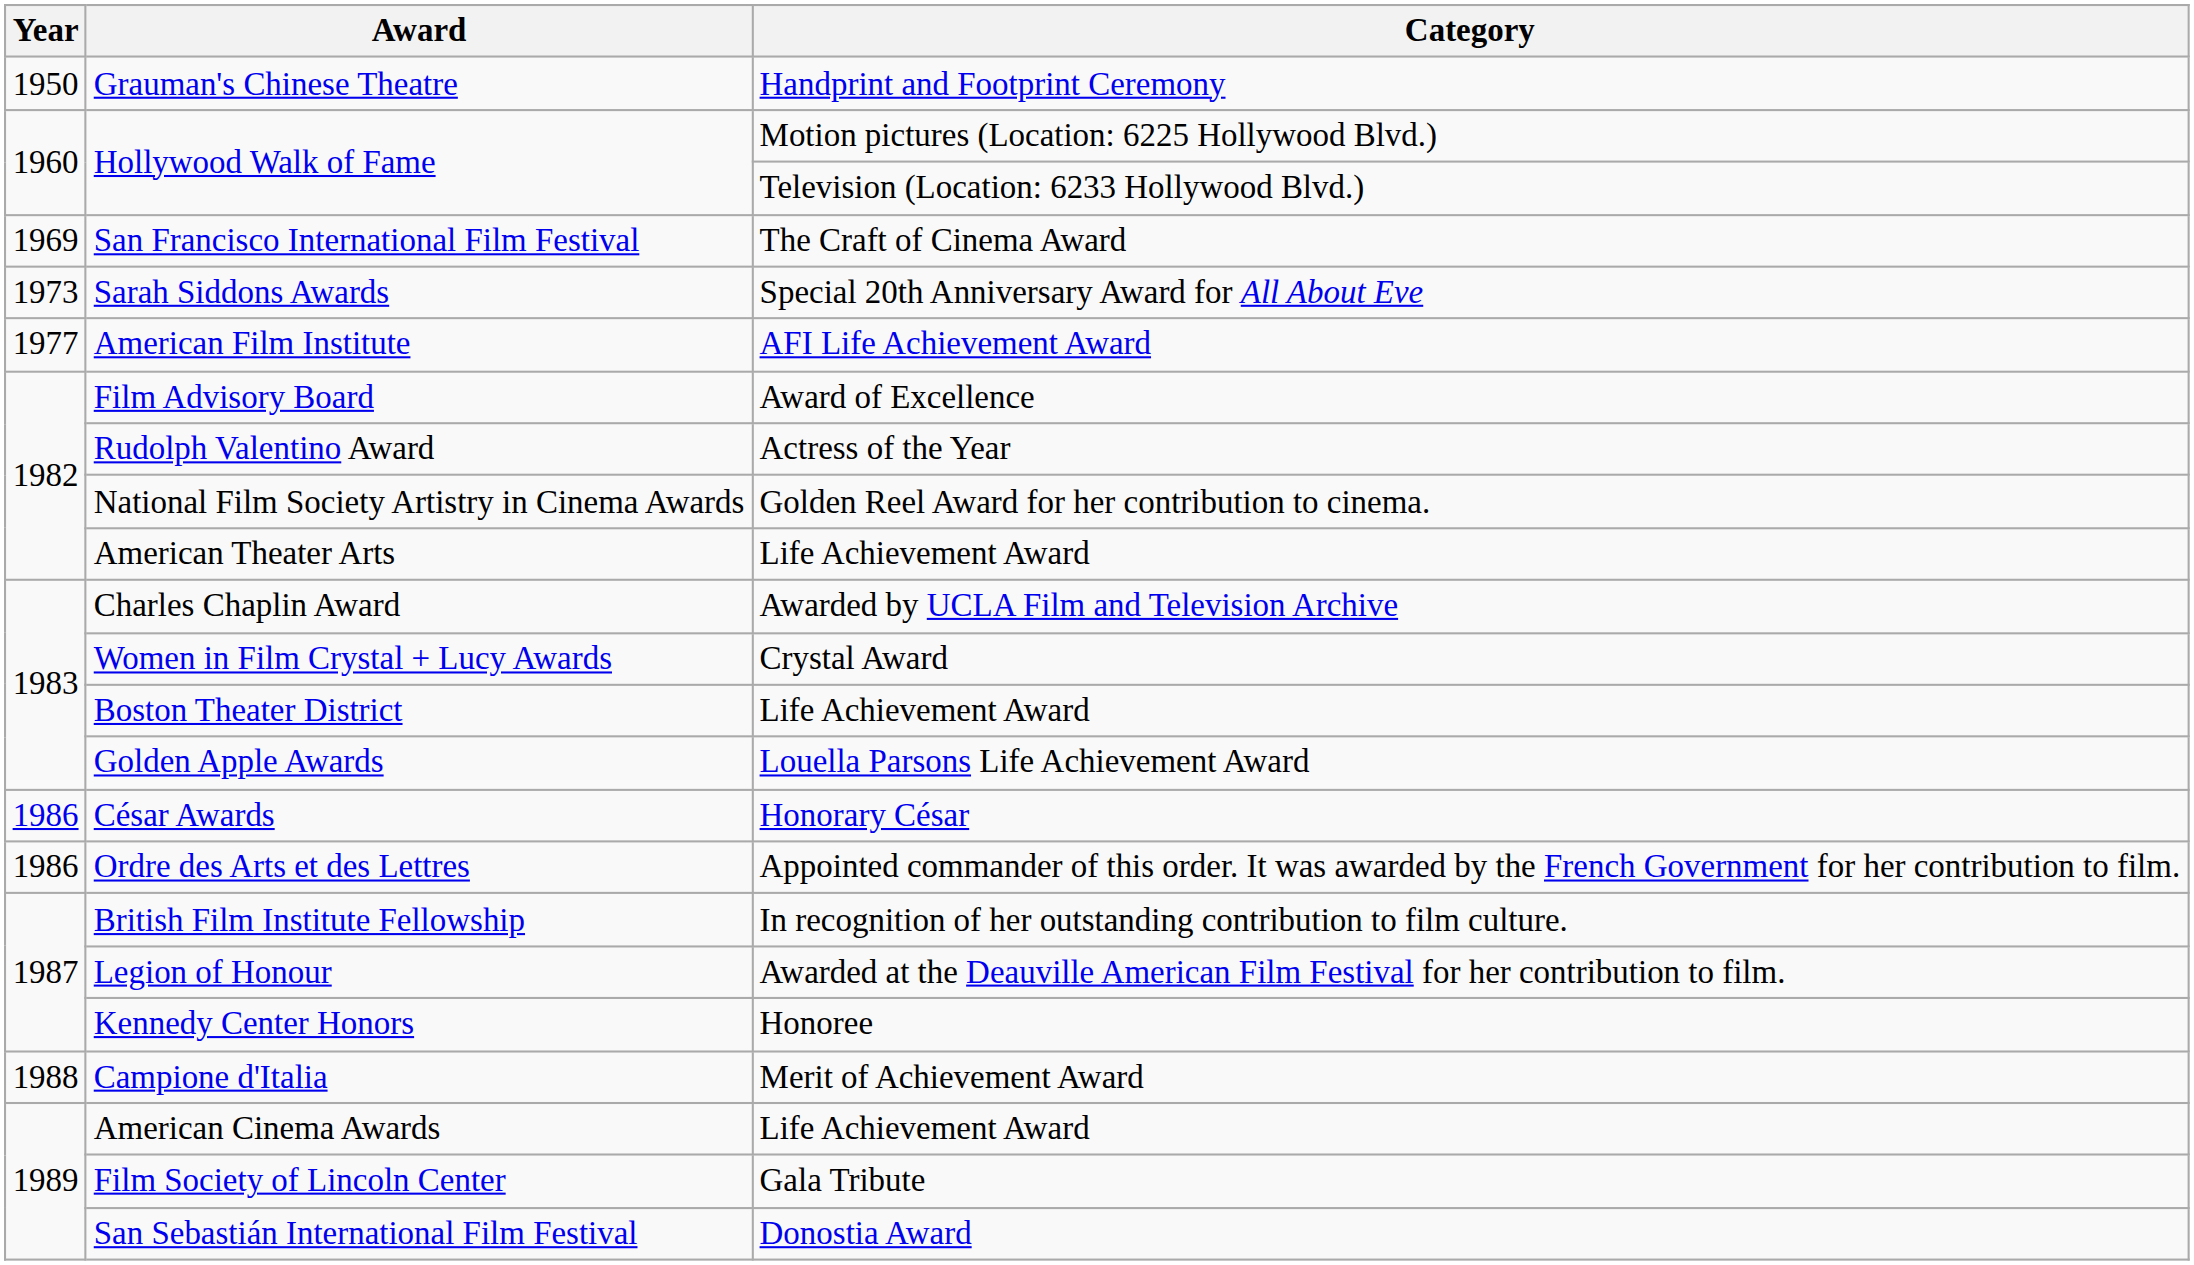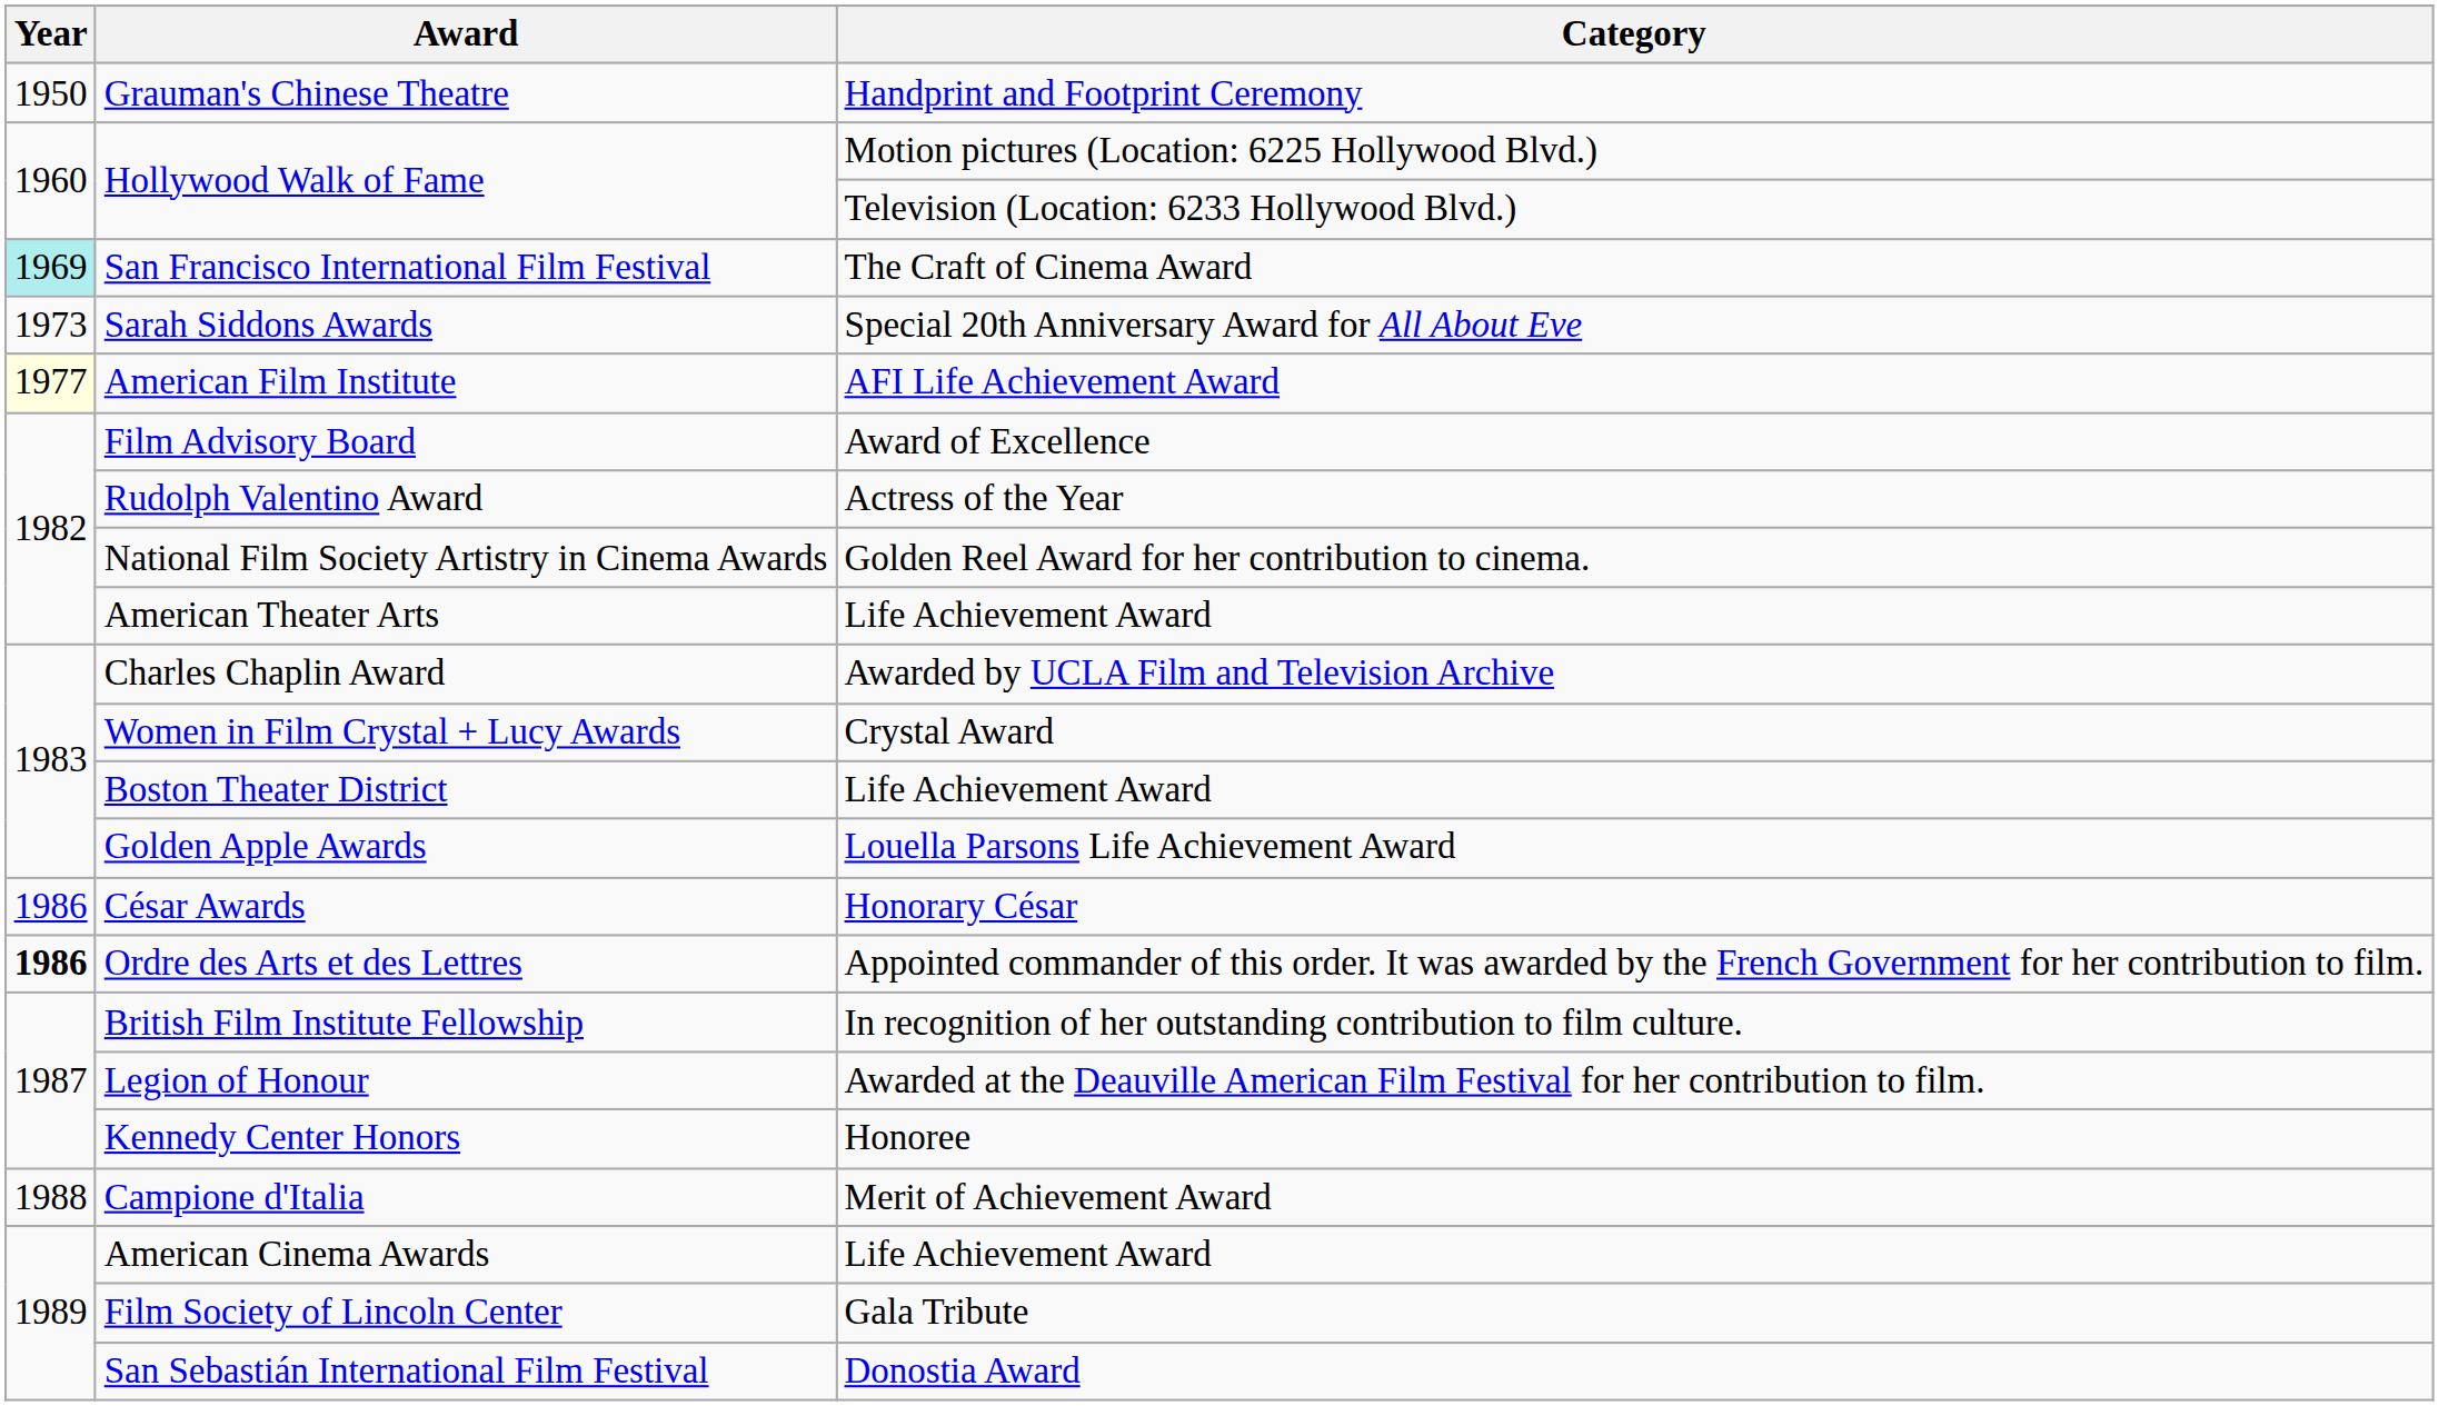 <table class="wikitable">
 <tr>
 <th>Year</th>
 <th>Award</th>
 <th>Category</th>
 </tr>
 <tr>
 <td>1950</td>
 <td><a href='#'>Grauman's Chinese Theatre</a></td>
 <td><a href='#'>Handprint and Footprint Ceremony</a></td>
 </tr>
 <tr>
 <td rowspan="2">1960</td>
 <td rowspan="2"><a href='#'>Hollywood Walk of Fame</a></td>
 <td>Motion pictures (Location: 6225 Hollywood Blvd.)</td>
 </tr>
 <tr>
 <td>Television (Location: 6233 Hollywood Blvd.)</td>
 </tr>
 <tr>
-<td>1969</td>
+<td style="background: paleturquoise;">1969</td>
 <td><a href='#'>San Francisco International Film Festival</a></td>
 <td>The Craft of Cinema Award</td>
 </tr>
 <tr>
 <td>1973</td>
 <td><a href='#'>Sarah Siddons Awards</a></td>
 <td>Special 20th Anniversary Award for <em><a href='#'>All About Eve</a></em></td>
 </tr>
 <tr>
-<td>1977</td>
+<td style="background: lightyellow;">1977</td>
 <td><a href='#'>American Film Institute</a></td>
 <td><a href='#'>AFI Life Achievement Award</a></td>
 </tr>
 <tr>
 <td rowspan="4">1982</td>
 <td><a href='#'>Film Advisory Board</a></td>
 <td>Award of Excellence</td>
 </tr>
 <tr>
 <td><a href='#'>Rudolph Valentino</a> Award</td>
 <td>Actress of the Year</td>
 </tr>
 <tr>
 <td>National Film Society Artistry in Cinema Awards</td>
 <td>Golden Reel Award for her contribution to cinema.</td>
 </tr>
 <tr>
 <td>American Theater Arts</td>
 <td>Life Achievement Award</td>
 </tr>
 <tr>
 <td rowspan="4">1983</td>
 <td>Charles Chaplin Award</td>
 <td>Awarded by <a href='#'>UCLA Film and Television Archive</a></td>
 </tr>
 <tr>
 <td><a href='#'>Women in Film Crystal + Lucy Awards</a></td>
 <td>Crystal Award</td>
 </tr>
 <tr>
 <td><a href='#'>Boston Theater District</a></td>
 <td>Life Achievement Award</td>
 </tr>
 <tr>
 <td><a href='#'>Golden Apple Awards</a></td>
 <td><a href='#'>Louella Parsons</a> Life Achievement Award</td>
 </tr>
 <tr>
 <td><a href='#'>1986</a></td>
 <td><a href='#'>César Awards</a></td>
 <td><a href='#'>Honorary César</a></td>
 </tr>
 <tr>
-<td>1986</td>
+<td><strong>1986</strong></td>
 <td><a href='#'>Ordre des Arts et des Lettres</a></td>
 <td>Appointed commander of this order. It was awarded by the <a href='#'>French Government</a> for her contribution to film.</td>
 </tr>
 <tr>
 <td rowspan="3">1987</td>
 <td><a href='#'>British Film Institute Fellowship</a></td>
 <td>In recognition of her outstanding contribution to film culture.</td>
 </tr>
 <tr>
 <td><a href='#'>Legion of Honour</a></td>
 <td>Awarded at the <a href='#'>Deauville American Film Festival</a> for her contribution to film.</td>
 </tr>
 <tr>
 <td><a href='#'>Kennedy Center Honors</a></td>
 <td>Honoree</td>
 </tr>
 <tr>
 <td>1988</td>
 <td><a href='#'>Campione d'Italia</a></td>
 <td>Merit of Achievement Award</td>
 </tr>
 <tr>
 <td rowspan="3">1989</td>
 <td>American Cinema Awards</td>
 <td>Life Achievement Award</td>
 </tr>
 <tr>
 <td><a href='#'>Film Society of Lincoln Center</a></td>
 <td>Gala Tribute</td>
 </tr>
 <tr>
 <td><a href='#'>San Sebastián International Film Festival</a></td>
 <td><a href='#'>Donostia Award</a></td>
 </tr>
 </table>
